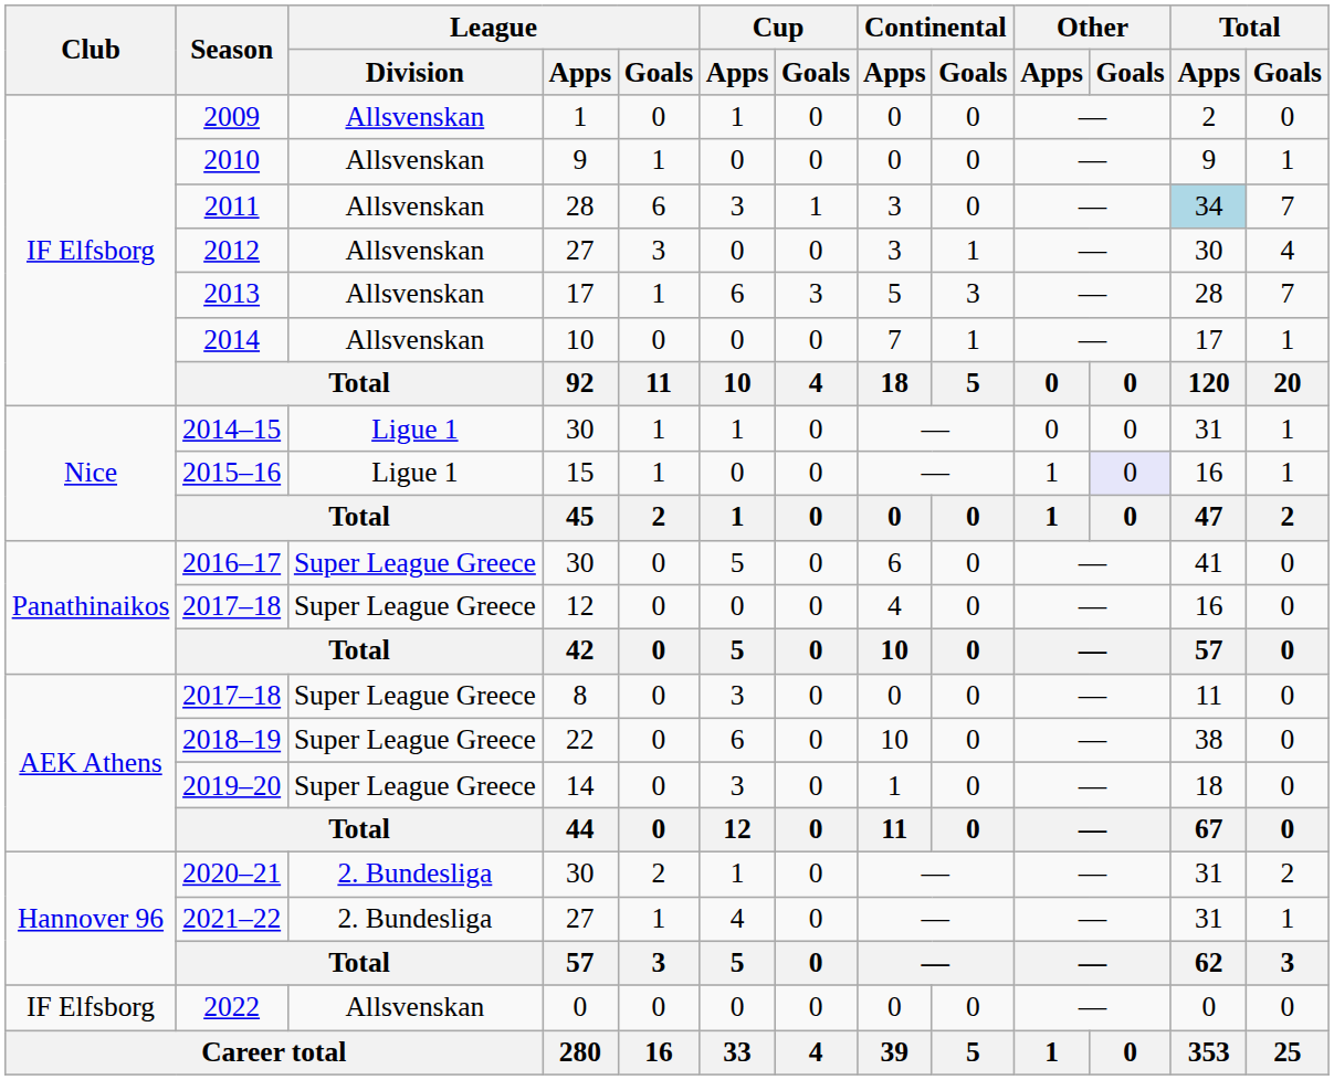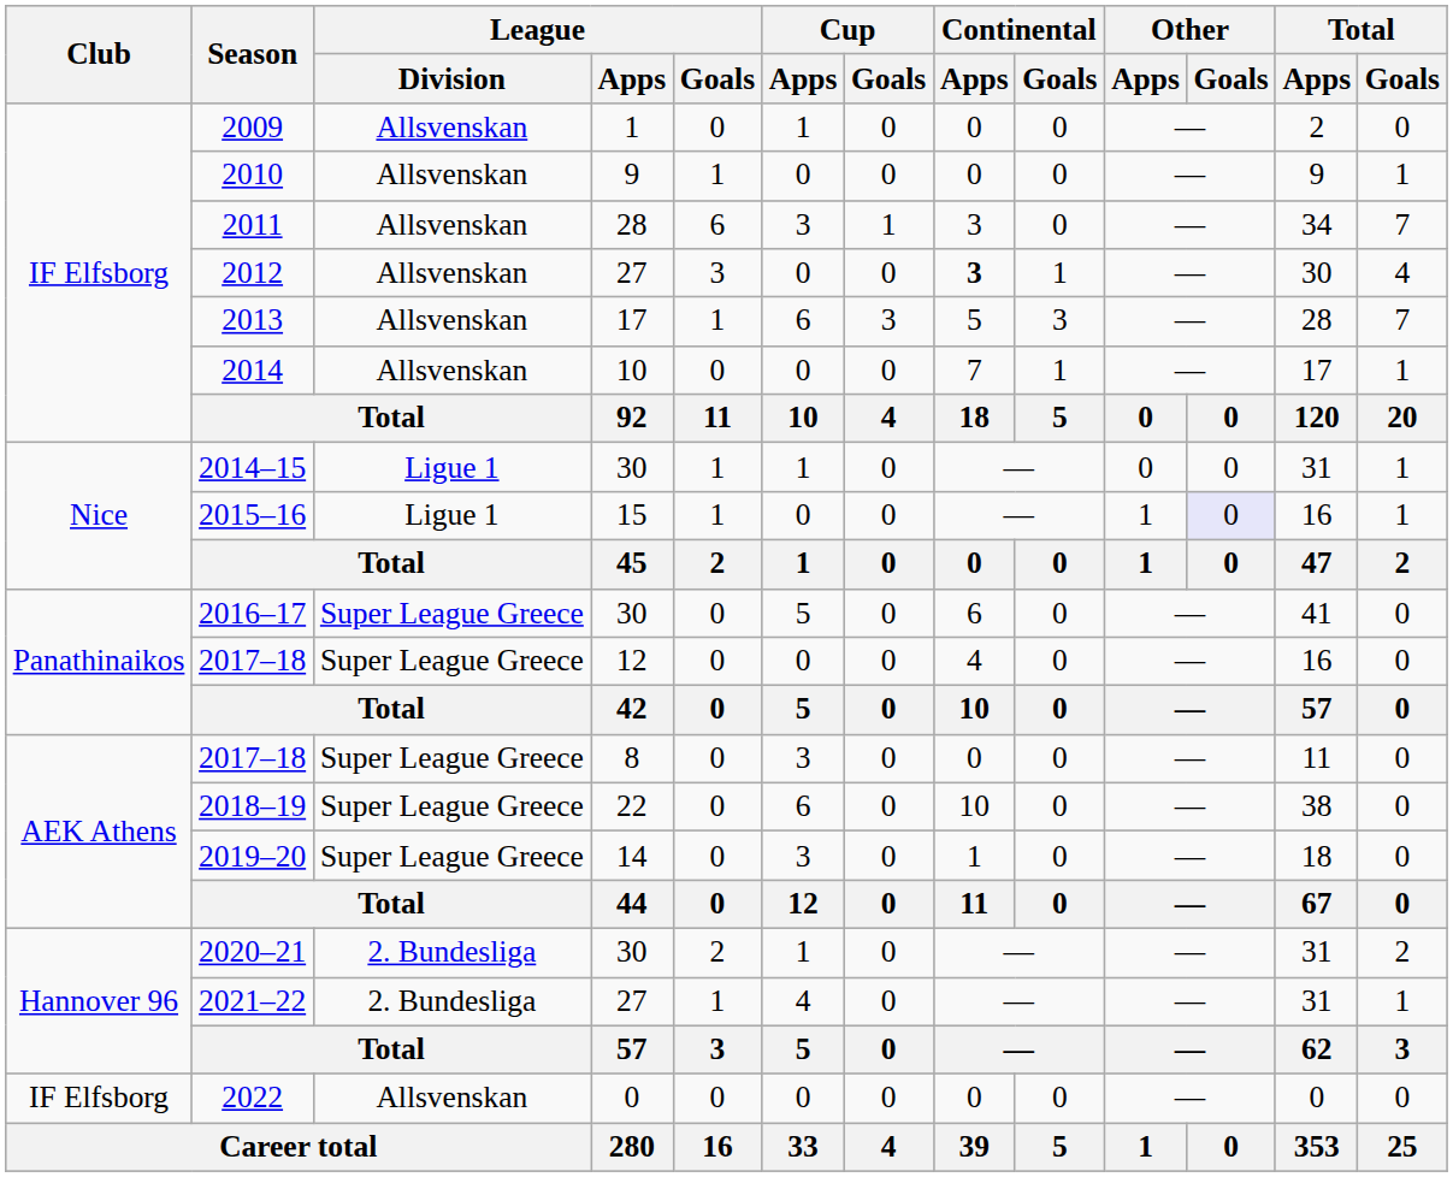 <table class="wikitable" style="text-align:center">
 <tr>
 <th rowspan="2">Club</th>
 <th rowspan="2">Season</th>
 <th colspan="3">League</th>
 <th colspan="2">Cup</th>
 <th colspan="2">Continental</th>
 <th colspan="2">Other</th>
 <th colspan="2">Total</th>
 </tr>
 <tr>
 <th>Division</th>
 <th>Apps</th>
 <th>Goals</th>
 <th>Apps</th>
 <th>Goals</th>
 <th>Apps</th>
 <th>Goals</th>
 <th>Apps</th>
 <th>Goals</th>
 <th>Apps</th>
 <th>Goals</th>
 </tr>
 <tr>
 <td rowspan="7"><a href='#'>IF Elfsborg</a></td>
 <td><a href='#'>2009</a></td>
 <td><a href='#'>Allsvenskan</a></td>
 <td>1</td>
 <td>0</td>
 <td>1</td>
 <td>0</td>
 <td>0</td>
 <td>0</td>
 <td colspan="2">—</td>
 <td>2</td>
 <td>0</td>
 </tr>
 <tr>
 <td><a href='#'>2010</a></td>
 <td>Allsvenskan</td>
 <td>9</td>
 <td>1</td>
 <td>0</td>
 <td>0</td>
 <td>0</td>
 <td>0</td>
 <td colspan="2">—</td>
 <td>9</td>
 <td>1</td>
 </tr>
 <tr>
 <td><a href='#'>2011</a></td>
 <td>Allsvenskan</td>
 <td>28</td>
 <td>6</td>
 <td>3</td>
 <td>1</td>
 <td>3</td>
 <td>0</td>
 <td colspan="2">—</td>
-<td style="background: lightblue;">34</td>
+<td>34</td>
 <td>7</td>
 </tr>
 <tr>
 <td><a href='#'>2012</a></td>
 <td>Allsvenskan</td>
 <td>27</td>
 <td>3</td>
 <td>0</td>
 <td>0</td>
-<td>3</td>
+<td><strong>3</strong></td>
 <td>1</td>
 <td colspan="2">—</td>
 <td>30</td>
 <td>4</td>
 </tr>
 <tr>
 <td><a href='#'>2013</a></td>
 <td>Allsvenskan</td>
 <td>17</td>
 <td>1</td>
 <td>6</td>
 <td>3</td>
 <td>5</td>
 <td>3</td>
 <td colspan="2">—</td>
 <td>28</td>
 <td>7</td>
 </tr>
 <tr>
 <td><a href='#'>2014</a></td>
 <td>Allsvenskan</td>
 <td>10</td>
 <td>0</td>
 <td>0</td>
 <td>0</td>
 <td>7</td>
 <td>1</td>
 <td colspan="2">—</td>
 <td>17</td>
 <td>1</td>
 </tr>
 <tr>
 <th colspan="2">Total</th>
 <th>92</th>
 <th>11</th>
 <th>10</th>
 <th>4</th>
 <th>18</th>
 <th>5</th>
 <th>0</th>
 <th>0</th>
 <th>120</th>
 <th>20</th>
 </tr>
 <tr>
 <td rowspan="3"><a href='#'>Nice</a></td>
 <td><a href='#'>2014–15</a></td>
 <td><a href='#'>Ligue 1</a></td>
 <td>30</td>
 <td>1</td>
 <td>1</td>
 <td>0</td>
 <td colspan="2">—</td>
 <td>0</td>
 <td>0</td>
 <td>31</td>
 <td>1</td>
 </tr>
 <tr>
 <td><a href='#'>2015–16</a></td>
 <td>Ligue 1</td>
 <td>15</td>
 <td>1</td>
 <td>0</td>
 <td>0</td>
 <td colspan="2">—</td>
 <td>1</td>
 <td style="background: lavender;">0</td>
 <td>16</td>
 <td>1</td>
 </tr>
 <tr>
 <th colspan="2">Total</th>
 <th>45</th>
 <th>2</th>
 <th>1</th>
 <th>0</th>
 <th>0</th>
 <th>0</th>
 <th>1</th>
 <th>0</th>
 <th>47</th>
 <th>2</th>
 </tr>
 <tr>
 <td rowspan=3><a href='#'>Panathinaikos</a></td>
 <td><a href='#'>2016–17</a></td>
 <td><a href='#'>Super League Greece</a></td>
 <td>30</td>
 <td>0</td>
 <td>5</td>
 <td>0</td>
 <td>6</td>
 <td>0</td>
 <td colspan="2">—</td>
 <td>41</td>
 <td>0</td>
 </tr>
 <tr>
 <td><a href='#'>2017–18</a></td>
 <td>Super League Greece</td>
 <td>12</td>
 <td>0</td>
 <td>0</td>
 <td>0</td>
 <td>4</td>
 <td>0</td>
 <td colspan="2">—</td>
 <td>16</td>
 <td>0</td>
 </tr>
 <tr>
 <th colspan="2">Total</th>
 <th>42</th>
 <th>0</th>
 <th>5</th>
 <th>0</th>
 <th>10</th>
 <th>0</th>
 <th colspan="2">—</th>
 <th>57</th>
 <th>0</th>
 </tr>
 <tr>
 <td rowspan="4"><a href='#'>AEK Athens</a></td>
 <td><a href='#'>2017–18</a></td>
 <td>Super League Greece</td>
 <td>8</td>
 <td>0</td>
 <td>3</td>
 <td>0</td>
 <td>0</td>
 <td>0</td>
 <td colspan="2">—</td>
 <td>11</td>
 <td>0</td>
 </tr>
 <tr>
 <td><a href='#'>2018–19</a></td>
 <td>Super League Greece</td>
 <td>22</td>
 <td>0</td>
 <td>6</td>
 <td>0</td>
 <td>10</td>
 <td>0</td>
 <td colspan="2">—</td>
 <td>38</td>
 <td>0</td>
 </tr>
 <tr>
 <td><a href='#'>2019–20</a></td>
 <td>Super League Greece</td>
 <td>14</td>
 <td>0</td>
 <td>3</td>
 <td>0</td>
 <td>1</td>
 <td>0</td>
 <td colspan="2">—</td>
 <td>18</td>
 <td>0</td>
 </tr>
 <tr>
 <th colspan="2">Total</th>
 <th>44</th>
 <th>0</th>
 <th>12</th>
 <th>0</th>
 <th>11</th>
 <th>0</th>
 <th colspan="2">—</th>
 <th>67</th>
 <th>0</th>
 </tr>
 <tr>
 <td rowspan="3"><a href='#'>Hannover 96</a></td>
 <td><a href='#'>2020–21</a></td>
 <td><a href='#'>2. Bundesliga</a></td>
 <td>30</td>
 <td>2</td>
 <td>1</td>
 <td>0</td>
 <td colspan="2">—</td>
 <td colspan="2">—</td>
 <td>31</td>
 <td>2</td>
 </tr>
 <tr>
 <td><a href='#'>2021–22</a></td>
 <td>2. Bundesliga</td>
 <td>27</td>
 <td>1</td>
 <td>4</td>
 <td>0</td>
 <td colspan="2">—</td>
 <td colspan="2">—</td>
 <td>31</td>
 <td>1</td>
 </tr>
 <tr>
 <th colspan="2">Total</th>
 <th>57</th>
 <th>3</th>
 <th>5</th>
 <th>0</th>
 <th colspan="2">—</th>
 <th colspan="2">—</th>
 <th>62</th>
 <th>3</th>
 </tr>
 <tr>
 <td>IF Elfsborg</td>
 <td><a href='#'>2022</a></td>
 <td>Allsvenskan</td>
 <td>0</td>
 <td>0</td>
 <td>0</td>
 <td>0</td>
 <td>0</td>
 <td>0</td>
 <td colspan="2">—</td>
 <td>0</td>
 <td>0</td>
 </tr>
 <tr>
 <th colspan="3">Career total</th>
 <th>280</th>
 <th>16</th>
 <th>33</th>
 <th>4</th>
 <th>39</th>
 <th>5</th>
 <th>1</th>
 <th>0</th>
 <th>353</th>
 <th>25</th>
 </tr>
 </table>
